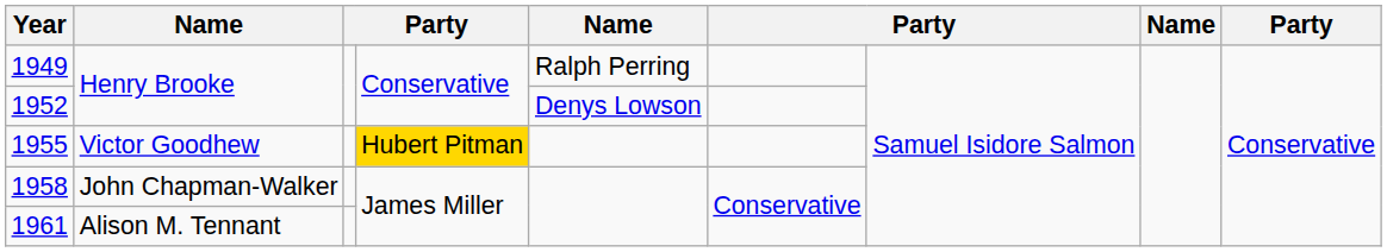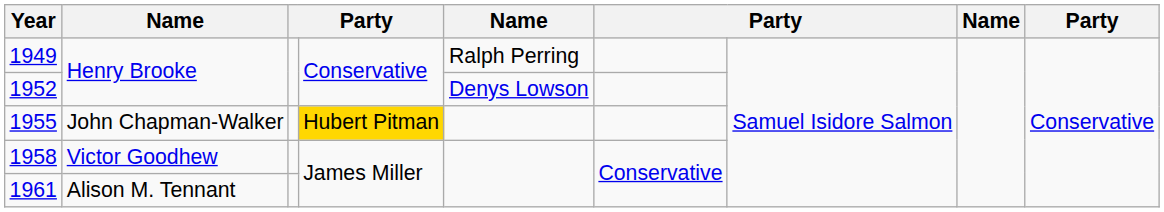 <table class="wikitable">
 <tr>
 <th>Year</th>
 <th>Name</th>
 <th colspan=2>Party</th>
 <th>Name</th>
 <th colspan=2>Party</th>
 <th>Name</th>
 <th colspan=2>Party</th>
 </tr>
 <tr>
 <td><a href='#'>1949</a></td>
 <td rowspan=2><a href='#'>Henry Brooke</a></td>
 <td rowspan=2 style="background-color: "></td>
 <td rowspan=2><a href='#'>Conservative</a></td>
 <td>Ralph Perring</td>
 <td></td>
 <td rowspan=5><a href='#'>Samuel Isidore Salmon</a></td>
 <td rowspan=5 style="background-color: "></td>
 <td rowspan=5><a href='#'>Conservative</a></td>
 </tr>
 <tr>
 <td><a href='#'>1952</a></td>
 <td><a href='#'>Denys Lowson</a></td>
 <td></td>
 </tr>
 <tr>
 <td><a href='#'>1955</a></td>
-<td><a href='#'>Victor Goodhew</a></td>
+<td>John Chapman-Walker</td>
 <td></td>
 <td style="background: gold;">Hubert Pitman</td>
 <td></td>
 </tr>
 <tr>
 <td><a href='#'>1958</a></td>
-<td>John Chapman-Walker</td>
+<td><a href='#'>Victor Goodhew</a></td>
 <td></td>
 <td rowspan=2>James Miller</td>
 <td rowspan=2 style="background-color: "></td>
 <td rowspan=2><a href='#'>Conservative</a></td>
 </tr>
 <tr>
 <td><a href='#'>1961</a></td>
 <td>Alison M. Tennant</td>
 <td></td>
 </tr>
 </table>
